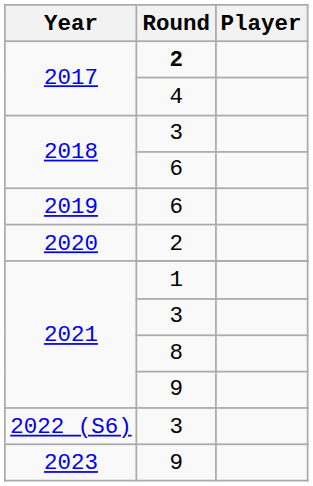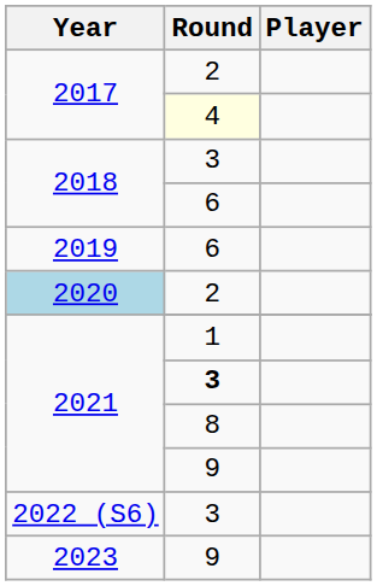 <table class="wikitable sortable" style="text-align:center">
 <tr>
 <th>Year</th>
 <th>Round</th>
 <th>Player</th>
 </tr>
 <tr>
 <th rowspan= "2" style="font-weight: normal; background: #F9F9F9"><a href='#'>2017</a></th>
-<td><strong>2</strong></td>
+<td>2</td>
 <td></td>
 </tr>
 <tr>
-<td>4</td>
+<td style="background: lightyellow;">4</td>
 <td></td>
 </tr>
 <tr>
 <th rowspan= "2" style="font-weight: normal; background: #F9F9F9"><a href='#'>2018</a></th>
 <td>3</td>
 <td></td>
 </tr>
 <tr>
 <td>6</td>
 <td></td>
 </tr>
 <tr>
 <td><a href='#'>2019</a></td>
 <td>6</td>
 <td></td>
 </tr>
 <tr>
-<td><a href='#'>2020</a></td>
+<td style="background: lightblue;"><a href='#'>2020</a></td>
 <td>2</td>
 <td></td>
 </tr>
 <tr>
 <th rowspan= "5" style="font-weight: normal; background: #F9F9F9"><a href='#'>2021</a></th>
 </tr>
 <tr>
 <td>1</td>
 <td></td>
 </tr>
 <tr>
-<td>3</td>
+<td><strong>3</strong></td>
 <td></td>
 </tr>
 <tr>
 <td>8</td>
 <td></td>
 </tr>
 <tr>
 <td>9</td>
 <td></td>
 </tr>
 <tr>
 <td><a href='#'>2022 (S6)</a></td>
 <td>3</td>
 <td></td>
 </tr>
 <tr>
 <td><a href='#'>2023</a></td>
 <td>9</td>
 <td></td>
 </tr>
 </table>
